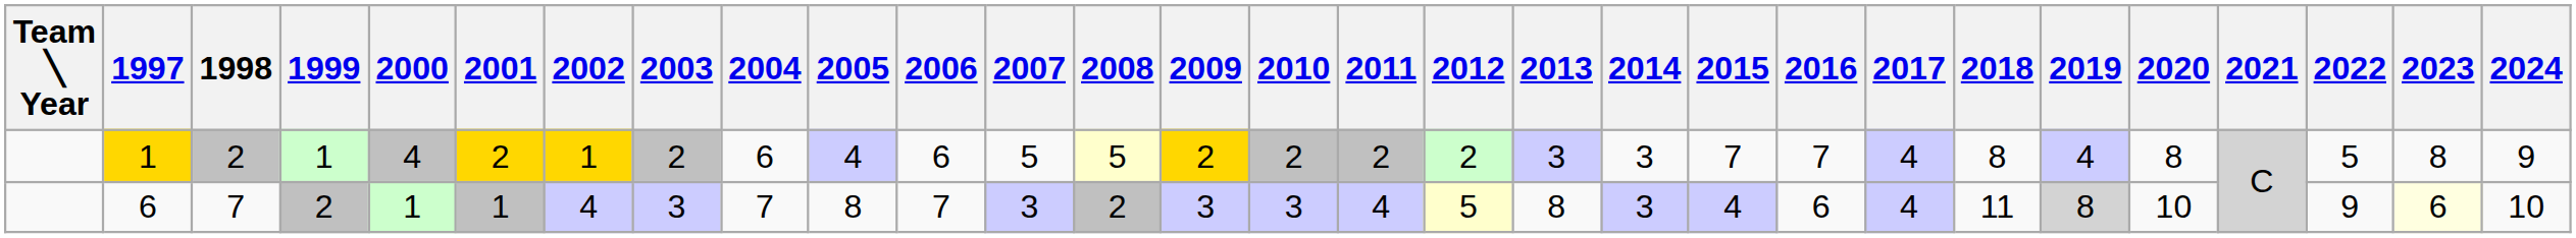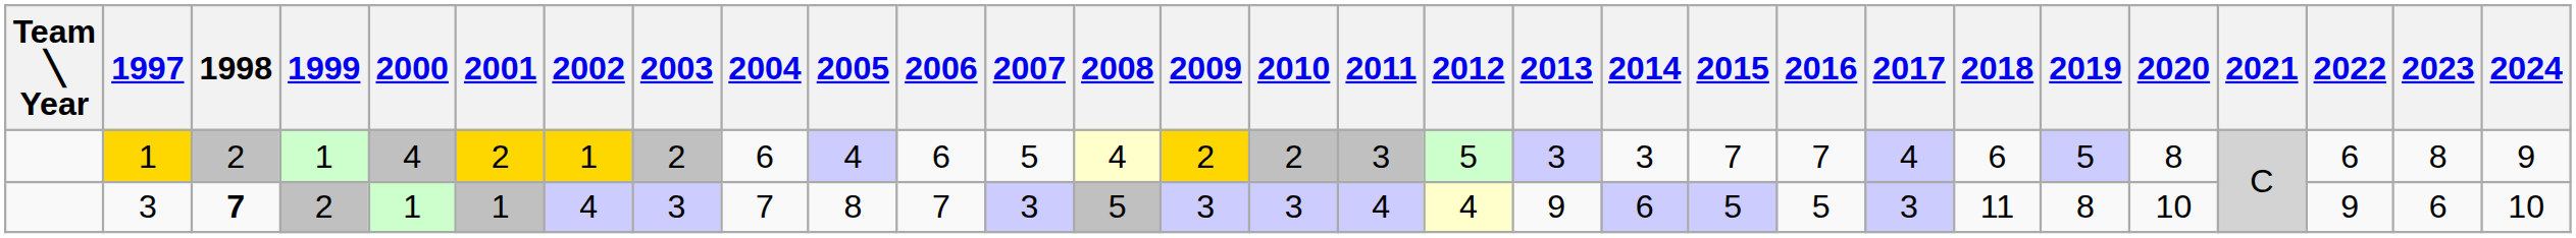 <table class=wikitable style="text-align:center; font-size:90%;">
 <tr>
 <th>Team ╲ Year</th>
 <th><a href='#'>1997</a></th>
 <th>1998</th>
 <th><a href='#'>1999</a></th>
 <th><a href='#'>2000</a></th>
 <th><a href='#'>2001</a></th>
 <th><a href='#'>2002</a></th>
 <th><a href='#'>2003</a></th>
 <th><a href='#'>2004</a></th>
 <th><a href='#'>2005</a></th>
 <th><a href='#'>2006</a></th>
 <th><a href='#'>2007</a></th>
 <th><a href='#'>2008</a></th>
 <th><a href='#'>2009</a></th>
 <th><a href='#'>2010</a></th>
 <th><a href='#'>2011</a></th>
 <th><a href='#'>2012</a></th>
 <th><a href='#'>2013</a></th>
 <th><a href='#'>2014</a></th>
 <th><a href='#'>2015</a></th>
 <th><a href='#'>2016</a></th>
 <th><a href='#'>2017</a></th>
 <th><a href='#'>2018</a></th>
 <th><a href='#'>2019</a></th>
 <th><a href='#'>2020</a></th>
 <th><a href='#'>2021</a></th>
 <th><a href='#'>2022</a></th>
 <th><a href='#'>2023</a></th>
 <th><a href='#'>2024</a></th>
 </tr>
 <tr>
 <td align=left><strong></strong></td>
 <td bgcolor=gold>1</td>
 <td bgcolor=silver>2</td>
 <td bgcolor=CCFFCC>1</td>
 <td bgcolor=silver>4</td>
 <td bgcolor=gold>2</td>
 <td bgcolor=gold>1</td>
 <td bgcolor=silver>2</td>
 <td>6</td>
 <td bgcolor=ccccff>4</td>
 <td>6</td>
 <td>5</td>
-<td bgcolor=FFFFCC>5</td>
+<td bgcolor=FFFFCC>4</td>
 <td bgcolor=gold>2</td>
 <td bgcolor=silver>2</td>
-<td bgcolor=silver>2</td>
-<td bgcolor=CCFFCC>2</td>
+<td bgcolor=silver>3</td>
+<td bgcolor=CCFFCC>5</td>
 <td bgcolor=CCCCFF>3</td>
 <td>3</td>
 <td>7</td>
 <td>7</td>
 <td bgcolor=ccccff>4</td>
-<td>8</td>
-<td bgcolor=ccccff>4</td>
+<td>6</td>
+<td bgcolor=ccccff>5</td>
 <td>8</td>
 <td bgcolor=D3D3D3 rowspan=3>C</td>
-<td>5</td>
+<td>6</td>
 <td>8</td>
 <td>9</td>
 </tr>
 <tr>
 <td align=left><strong></strong></td>
-<td>6</td>
-<td>7</td>
+<td>3</td>
+<td><strong>7</strong></td>
 <td bgcolor=silver>2</td>
 <td bgcolor=CCFFCC>1</td>
 <td bgcolor=silver>1</td>
 <td bgcolor=ccccff>4</td>
 <td bgcolor=ccccff>3</td>
 <td>7</td>
 <td>8</td>
 <td>7</td>
 <td bgcolor=ccccff>3</td>
-<td bgcolor=silver>2</td>
+<td bgcolor=silver>5</td>
 <td bgcolor=ccccff>3</td>
 <td bgcolor=CCCCFF>3</td>
 <td bgcolor=CCCCFF>4</td>
-<td bgcolor=FFFFCC>5</td>
+<td bgcolor=FFFFCC>4</td>
+<td>9</td>
+<td bgcolor=CCCCFF>6</td>
+<td bgcolor=CCCCFF>5</td>
+<td>5</td>
+<td bgcolor=ccccff>3</td>
+<td>11</td>
 <td>8</td>
-<td bgcolor=CCCCFF>3</td>
-<td bgcolor=CCCCFF>4</td>
-<td>6</td>
-<td bgcolor=ccccff>4</td>
-<td>11</td>
-<td style="background: lightgrey;">8</td>
 <td>10</td>
 <td>9</td>
-<td style="background: lightyellow;">6</td>
+<td>6</td>
 <td>10</td>
 </tr>
 </table>
